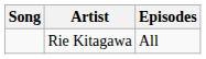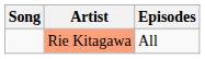 <table class="wikitable">
 <tr>
 <th>Song</th>
 <th>Artist</th>
 <th>Episodes</th>
 </tr>
 <tr>
 <td></td>
-<td>Rie Kitagawa</td>
+<td style="background: lightsalmon;">Rie Kitagawa</td>
 <td>All</td>
 </tr>
 </table>
